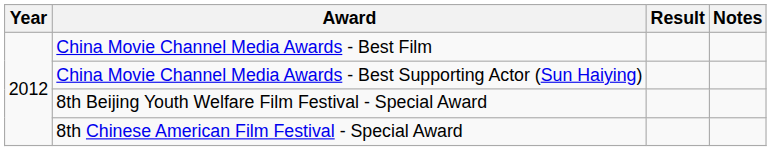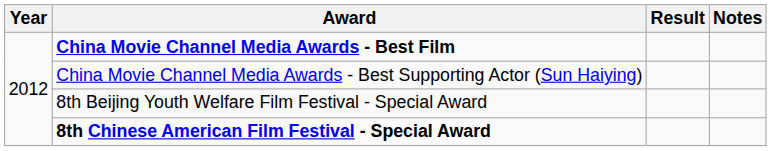 <table class="wikitable">
 <tr>
 <th>Year</th>
 <th>Award</th>
 <th>Result</th>
 <th>Notes</th>
 </tr>
 <tr>
 <td rowspan=4>2012</td>
-<td><a href='#'>China Movie Channel Media Awards</a> - Best Film</td>
+<td><strong><a href='#'>China Movie Channel Media Awards</a> - Best Film</strong></td>
 <td></td>
 <td></td>
 </tr>
 <tr>
 <td><a href='#'>China Movie Channel Media Awards</a> - Best Supporting Actor (<a href='#'>Sun Haiying</a>)</td>
 <td></td>
 <td></td>
 </tr>
 <tr>
 <td>8th Beijing Youth Welfare Film Festival - Special Award</td>
 <td></td>
 <td></td>
 </tr>
 <tr>
-<td>8th <a href='#'>Chinese American Film Festival</a> - Special Award</td>
+<td><strong>8th <a href='#'>Chinese American Film Festival</a> - Special Award</strong></td>
 <td></td>
 <td></td>
 </tr>
 </table>
